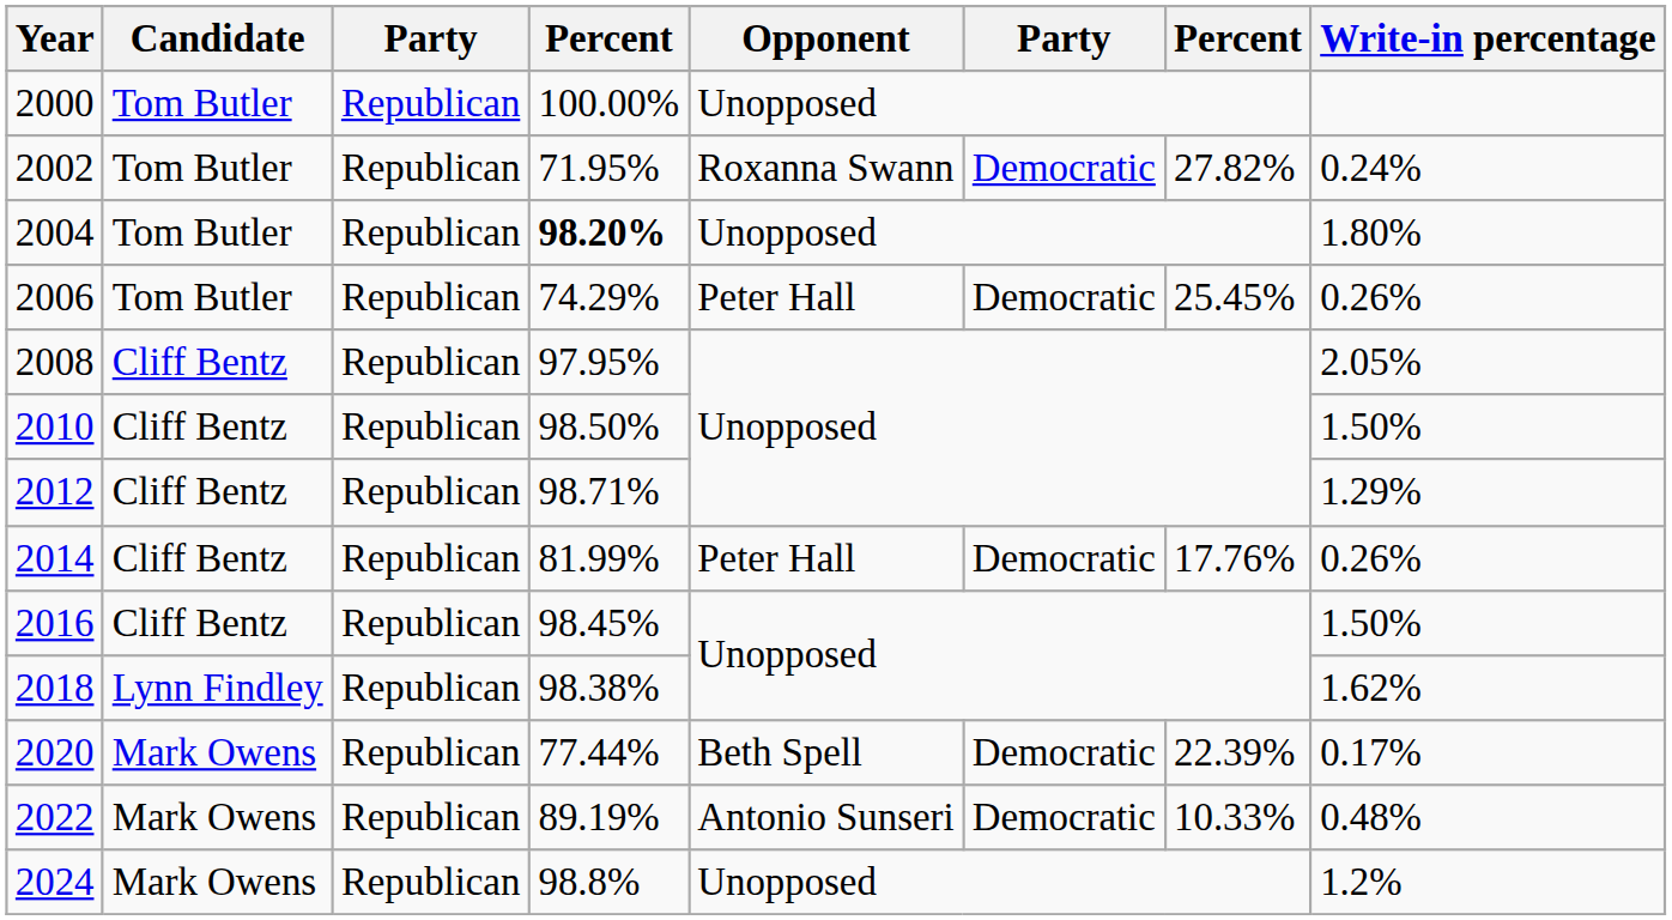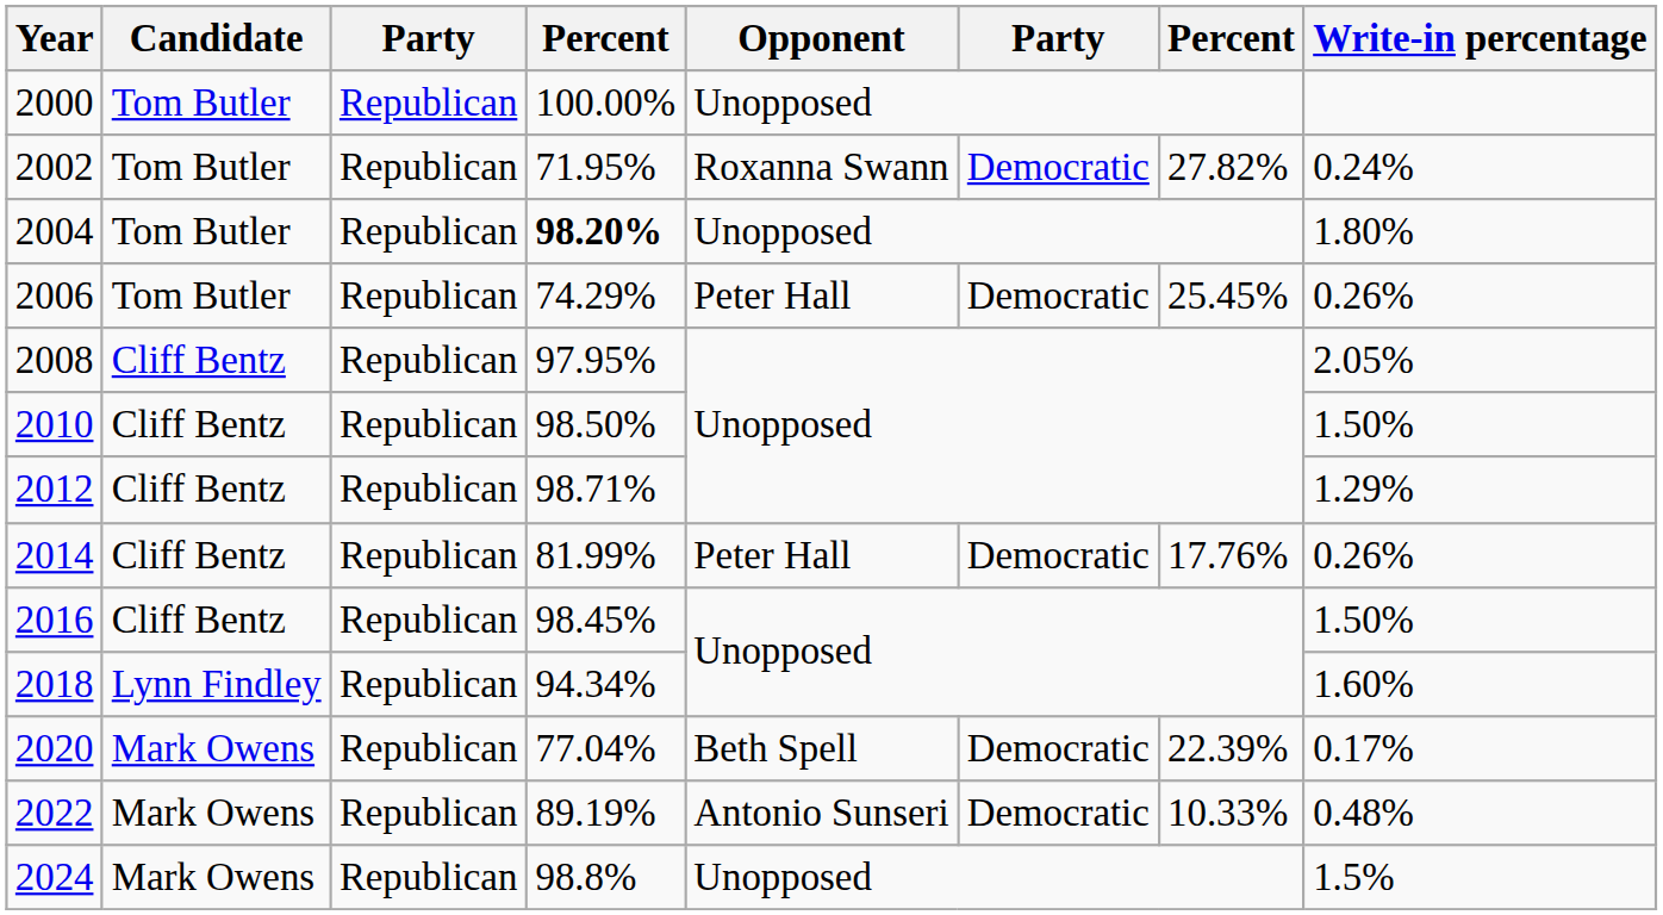 <table class="wikitable sortable" style="margin:0.5em auto; font-size:95%;">
 <tr>
 <th>Year</th>
 <th>Candidate</th>
 <th>Party</th>
 <th>Percent</th>
 <th>Opponent</th>
 <th>Party</th>
 <th>Percent</th>
 <th><a href='#'>Write-in</a> percentage</th>
 </tr>
 <tr>
 <td>2000</td>
 <td><a href='#'>Tom Butler</a></td>
 <td><a href='#'>Republican</a></td>
 <td>100.00%</td>
 <td colspan="3">Unopposed</td>
 </tr>
 <tr>
 <td>2002</td>
 <td>Tom Butler</td>
 <td>Republican</td>
 <td>71.95%</td>
 <td>Roxanna Swann</td>
 <td><a href='#'>Democratic</a></td>
 <td>27.82%</td>
 <td>0.24%</td>
 </tr>
 <tr>
 <td>2004</td>
 <td>Tom Butler</td>
 <td>Republican</td>
 <td><strong>98.20%</strong></td>
 <td colspan="3">Unopposed</td>
 <td>1.80%</td>
 </tr>
 <tr>
 <td>2006</td>
 <td>Tom Butler</td>
 <td>Republican</td>
 <td>74.29%</td>
 <td>Peter Hall</td>
 <td>Democratic</td>
 <td>25.45%</td>
 <td>0.26%</td>
 </tr>
 <tr>
 <td>2008</td>
 <td><a href='#'>Cliff Bentz</a></td>
 <td>Republican</td>
 <td>97.95%</td>
 <td colspan="3" rowspan="3">Unopposed</td>
 <td>2.05%</td>
 </tr>
 <tr>
 <td><a href='#'>2010</a></td>
 <td>Cliff Bentz</td>
 <td>Republican</td>
 <td>98.50%</td>
 <td>1.50%</td>
 </tr>
 <tr>
 <td><a href='#'>2012</a></td>
 <td>Cliff Bentz</td>
 <td>Republican</td>
 <td>98.71%</td>
 <td>1.29%</td>
 </tr>
 <tr>
 <td><a href='#'>2014</a></td>
 <td>Cliff Bentz</td>
 <td>Republican</td>
 <td>81.99%</td>
 <td>Peter Hall</td>
 <td>Democratic</td>
 <td>17.76%</td>
 <td>0.26%</td>
 </tr>
 <tr>
 <td><a href='#'>2016</a></td>
 <td>Cliff Bentz</td>
 <td>Republican</td>
 <td>98.45%</td>
 <td colspan="3" rowspan="2'">Unopposed</td>
 <td>1.50%</td>
 </tr>
 <tr>
 <td><a href='#'>2018</a></td>
 <td><a href='#'>Lynn Findley</a></td>
 <td>Republican</td>
-<td>98.38%</td>
-<td>1.62%</td>
+<td>94.34%</td>
+<td>1.60%</td>
 </tr>
 <tr>
 <td><a href='#'>2020</a></td>
 <td><a href='#'>Mark Owens</a></td>
 <td>Republican</td>
-<td>77.44%</td>
+<td>77.04%</td>
 <td>Beth Spell</td>
 <td>Democratic</td>
 <td>22.39%</td>
 <td>0.17%</td>
 </tr>
 <tr>
 <td><a href='#'>2022</a></td>
 <td>Mark Owens</td>
 <td>Republican</td>
 <td>89.19%</td>
 <td>Antonio Sunseri</td>
 <td>Democratic</td>
 <td>10.33%</td>
 <td>0.48%</td>
 </tr>
 <tr>
 <td><a href='#'>2024</a></td>
 <td>Mark Owens</td>
 <td>Republican</td>
 <td>98.8%</td>
 <td colspan="3">Unopposed</td>
-<td>1.2%</td>
+<td>1.5%</td>
 </tr>
 </table>
